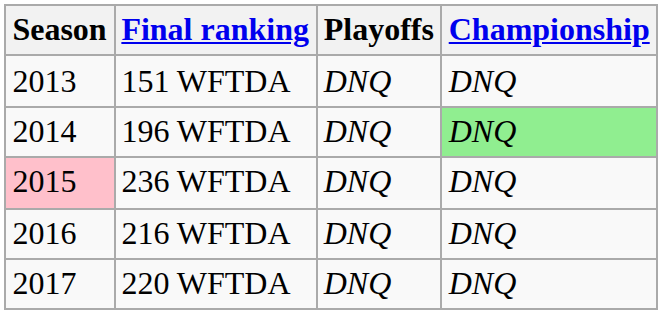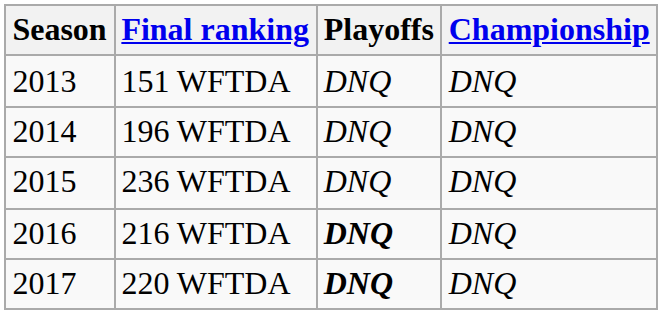 <table class="wikitable sortable">
 <tr>
 <th>Season</th>
 <th><a href='#'>Final ranking</a></th>
 <th>Playoffs</th>
 <th><a href='#'>Championship</a></th>
 </tr>
 <tr>
 <td>2013</td>
 <td>151 WFTDA</td>
 <td><em>DNQ</em></td>
 <td><em>DNQ</em></td>
 </tr>
 <tr>
 <td>2014</td>
 <td>196 WFTDA</td>
 <td><em>DNQ</em></td>
-<td style="background: lightgreen;"><em>DNQ</em></td>
+<td><em>DNQ</em></td>
 </tr>
 <tr>
-<td style="background: pink;">2015</td>
+<td>2015</td>
 <td>236 WFTDA</td>
 <td><em>DNQ</em></td>
 <td><em>DNQ</em></td>
 </tr>
 <tr>
 <td>2016</td>
 <td>216 WFTDA</td>
-<td><em>DNQ</em></td>
+<td><strong><em>DNQ</em></strong></td>
 <td><em>DNQ</em></td>
 </tr>
 <tr>
 <td>2017</td>
 <td>220 WFTDA</td>
-<td><em>DNQ</em></td>
+<td><strong><em>DNQ</em></strong></td>
 <td><em>DNQ</em></td>
 </tr>
 <tr>
 </tr>
 </table>
